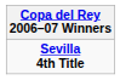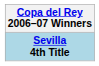 <table class="wikitable" style="text-align: center; margin: 0 auto;">
 <tr>
 <th><a href='#'>Copa del Rey</a><br>2006–07 Winners</th>
 </tr>
 <tr>
-<td><strong><a href='#'>Sevilla</a></strong><br><strong>4th Title</strong></td>
+<td style="background: lightblue;"><strong><a href='#'>Sevilla</a></strong><br><strong>4th Title</strong></td>
 </tr>
 </table>
